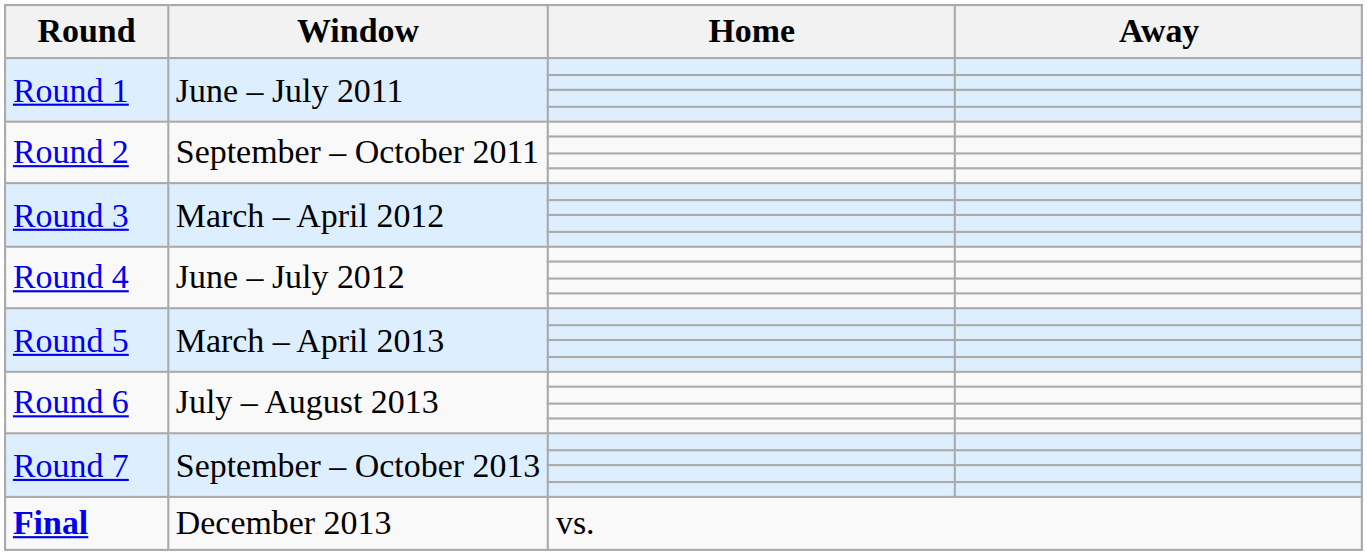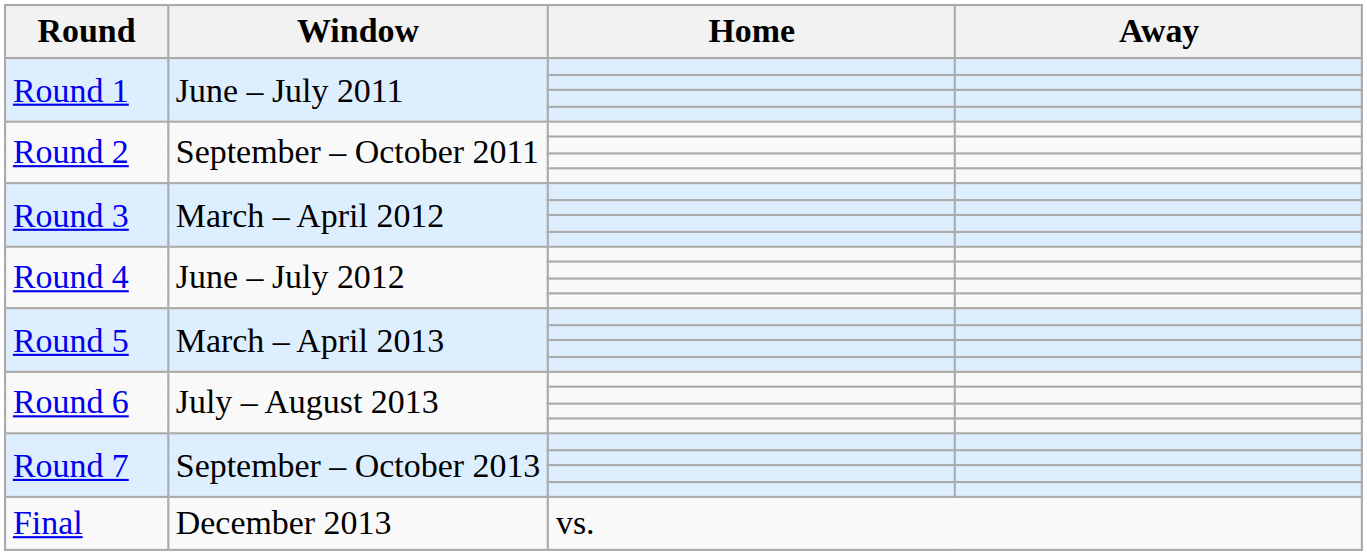 <table class="wikitable sortable">
 <tr>
 <th style="width:12%">Round</th>
 <th style="width:28%">Window</th>
 <th style="width:30%">Home</th>
 <th style="width:30%">Away</th>
 </tr>
 <tr style="background:#ddeeff">
 <td rowspan=4><a href='#'>Round 1</a></td>
 <td rowspan=4>June – July 2011</td>
 <td></td>
 <td></td>
 </tr>
 <tr style="background:#ddeeff">
 <td></td>
 <td></td>
 </tr>
 <tr style="background:#ddeeff">
 <td></td>
 <td></td>
 </tr>
 <tr style="background:#ddeeff">
 <td></td>
 <td></td>
 </tr>
 <tr>
 <td rowspan=4><a href='#'>Round 2</a></td>
 <td rowspan=4>September – October 2011</td>
 <td></td>
 <td></td>
 </tr>
 <tr>
 <td></td>
 <td></td>
 </tr>
 <tr>
 <td></td>
 <td></td>
 </tr>
 <tr>
 <td></td>
 <td></td>
 </tr>
 <tr style="background:#ddeeff">
 <td rowspan=4><a href='#'>Round 3</a></td>
 <td rowspan=4>March – April 2012</td>
 <td></td>
 <td></td>
 </tr>
 <tr style="background:#ddeeff">
 <td></td>
 <td></td>
 </tr>
 <tr style="background:#ddeeff">
 <td></td>
 <td></td>
 </tr>
 <tr style="background:#ddeeff">
 <td></td>
 <td></td>
 </tr>
 <tr>
 <td rowspan=4><a href='#'>Round 4</a></td>
 <td rowspan=4>June – July 2012</td>
 <td></td>
 <td></td>
 </tr>
 <tr>
 <td></td>
 <td></td>
 </tr>
 <tr>
 <td></td>
 <td></td>
 </tr>
 <tr>
 <td></td>
 <td></td>
 </tr>
 <tr style="background:#ddeeff">
 <td rowspan=4><a href='#'>Round 5</a></td>
 <td rowspan=4>March – April 2013</td>
 <td></td>
 <td></td>
 </tr>
 <tr style="background:#ddeeff">
 <td></td>
 <td></td>
 </tr>
 <tr style="background:#ddeeff">
 <td></td>
 <td></td>
 </tr>
 <tr style="background:#ddeeff">
 <td></td>
 <td></td>
 </tr>
 <tr>
 <td rowspan=4><a href='#'>Round 6</a></td>
 <td rowspan=4>July – August 2013</td>
 <td></td>
 <td></td>
 </tr>
 <tr>
 <td></td>
 <td></td>
 </tr>
 <tr>
 <td></td>
 <td></td>
 </tr>
 <tr>
 <td></td>
 <td></td>
 </tr>
 <tr style="background:#ddeeff">
 <td rowspan=4><a href='#'>Round 7</a></td>
 <td rowspan=4>September – October 2013</td>
 <td></td>
 <td></td>
 </tr>
 <tr style="background:#ddeeff">
 <td></td>
 <td></td>
 </tr>
 <tr style="background:#ddeeff">
 <td></td>
 <td></td>
 </tr>
 <tr style="background:#ddeeff">
 <td></td>
 <td></td>
 </tr>
 <tr>
-<td><strong><a href='#'>Final</a></strong></td>
+<td><a href='#'>Final</a></td>
 <td>December 2013</td>
 <td colspan=2> vs. </td>
 </tr>
 </table>
